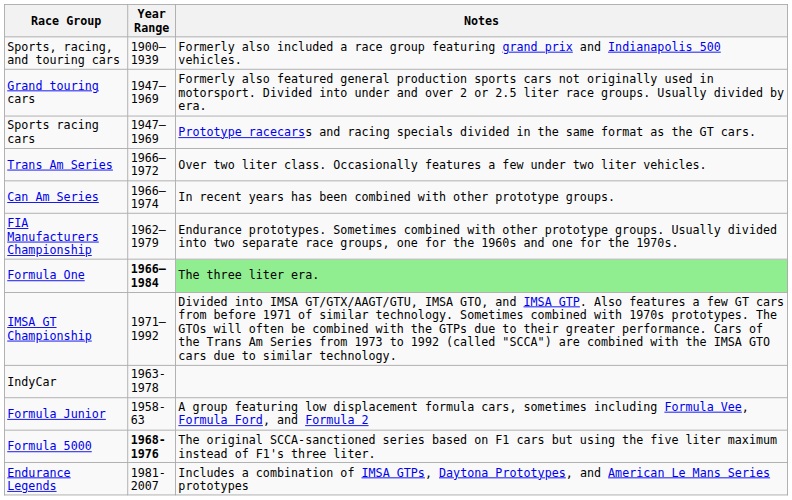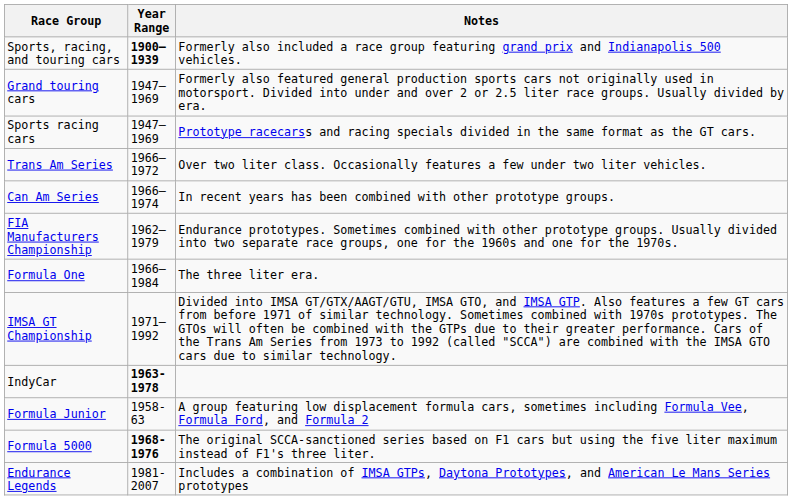 <table class="wikitable" border="1">
 <tr>
 <th>Race Group</th>
 <th>Year Range</th>
 <th>Notes</th>
 </tr>
 <tr>
 <td>Sports, racing, and touring cars</td>
-<td>1900–1939</td>
+<td><strong>1900–1939</strong></td>
 <td>Formerly also included a race group featuring <a href='#'>grand prix</a> and <a href='#'>Indianapolis 500</a> vehicles.</td>
 </tr>
 <tr>
 <td><a href='#'>Grand touring</a> cars</td>
 <td>1947–1969</td>
 <td>Formerly also featured general production sports cars not originally used in motorsport. Divided into under and over 2 or 2.5 liter race groups. Usually divided by era.</td>
 </tr>
 <tr>
 <td>Sports racing cars</td>
 <td>1947–1969</td>
 <td><a href='#'>Prototype racecars</a>s and racing specials divided in the same format as the GT cars.</td>
 </tr>
 <tr>
 <td><a href='#'>Trans Am Series</a></td>
 <td>1966–1972</td>
 <td>Over two liter class. Occasionally features a few under two liter vehicles.</td>
 </tr>
 <tr>
 <td><a href='#'>Can Am Series</a></td>
 <td>1966–1974</td>
 <td>In recent years has been combined with other prototype groups.</td>
 </tr>
 <tr>
 <td><a href='#'>FIA Manufacturers Championship</a></td>
 <td>1962–1979</td>
 <td>Endurance prototypes. Sometimes combined with other prototype groups. Usually divided into two separate race groups, one for the 1960s and one for the 1970s.</td>
 </tr>
 <tr>
 <td><a href='#'>Formula One</a></td>
-<td><strong>1966–1984</strong></td>
-<td style="background: lightgreen;">The three liter era.</td>
+<td>1966–1984</td>
+<td>The three liter era.</td>
 </tr>
 <tr>
 <td><a href='#'>IMSA GT Championship</a></td>
 <td>1971–1992</td>
 <td>Divided into IMSA GT/GTX/AAGT/GTU, IMSA GTO, and <a href='#'>IMSA GTP</a>. Also features a few GT cars from before 1971 of similar technology. Sometimes combined with 1970s prototypes. The GTOs will often be combined with the GTPs due to their greater performance. Cars of the Trans Am Series from 1973 to 1992 (called "SCCA") are combined with the IMSA GTO cars due to similar technology.</td>
 </tr>
 <tr>
 <td>IndyCar</td>
-<td>1963-1978</td>
+<td><strong>1963-1978</strong></td>
 <td></td>
 </tr>
 <tr>
 <td><a href='#'>Formula Junior</a></td>
 <td>1958-63</td>
 <td>A group featuring low displacement formula cars, sometimes including <a href='#'>Formula Vee</a>, <a href='#'>Formula Ford</a>, and <a href='#'>Formula 2</a></td>
 </tr>
 <tr>
 <td><a href='#'>Formula 5000</a></td>
 <td><strong>1968-1976</strong></td>
 <td>The original SCCA-sanctioned series based on F1 cars but using the five liter maximum instead of F1's three liter.</td>
 </tr>
 <tr>
 <td><a href='#'>Endurance Legends</a></td>
 <td>1981-2007</td>
 <td>Includes a combination of <a href='#'>IMSA GTPs</a>, <a href='#'>Daytona Prototypes</a>, and <a href='#'>American Le Mans Series</a> prototypes</td>
 </tr>
 </table>
